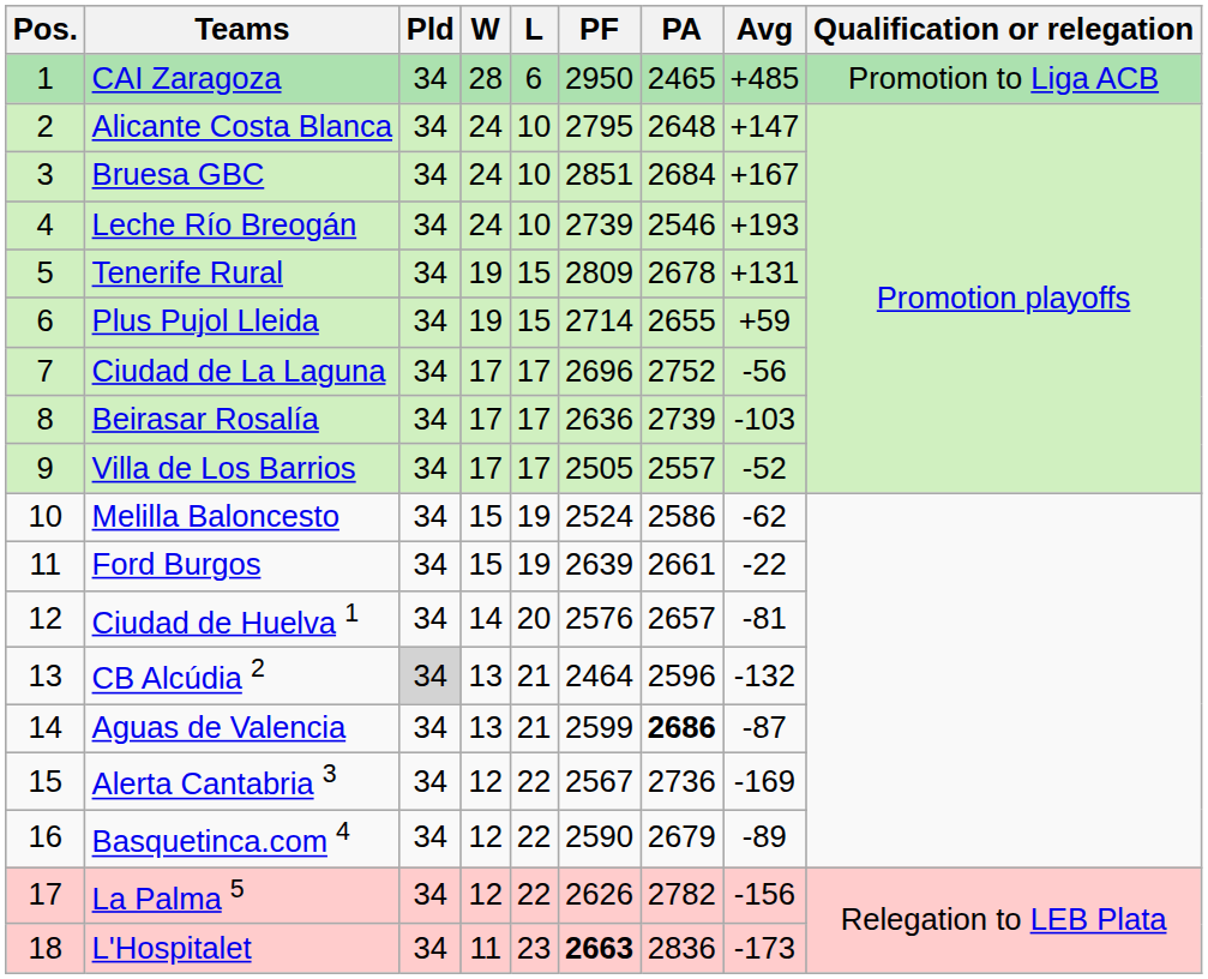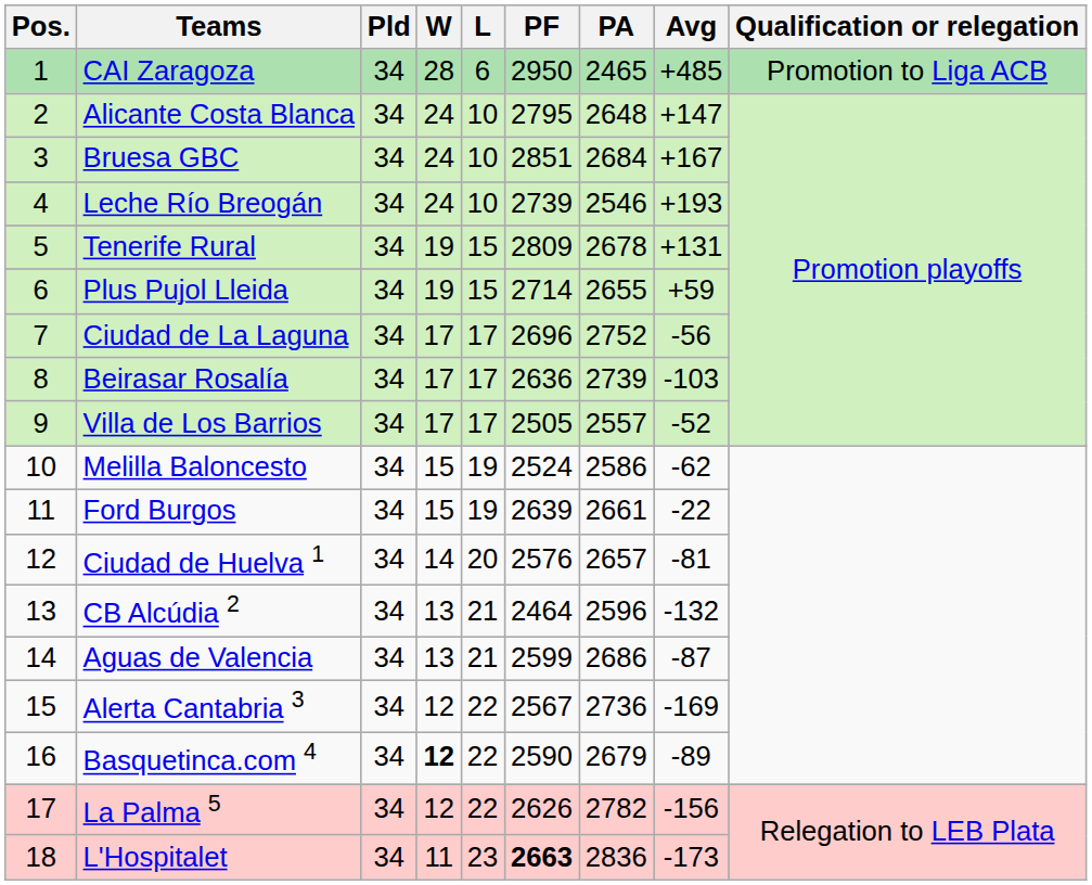 <table class="wikitable" style="text-align: center;">
 <tr>
 <th>Pos.</th>
 <th>Teams</th>
 <th>Pld</th>
 <th>W</th>
 <th>L</th>
 <th>PF</th>
 <th>PA</th>
 <th>Avg</th>
 <th>Qualification or relegation</th>
 </tr>
 <tr bgcolor=ACE1AF>
 <td>1</td>
 <td align="left"><a href='#'>CAI Zaragoza</a></td>
 <td>34</td>
 <td>28</td>
 <td>6</td>
 <td>2950</td>
 <td>2465</td>
 <td>+485</td>
 <td>Promotion to <a href='#'>Liga ACB</a></td>
 </tr>
 <tr bgcolor=D0F0C0>
 <td>2</td>
 <td align="left"><a href='#'>Alicante Costa Blanca</a></td>
 <td>34</td>
 <td>24</td>
 <td>10</td>
 <td>2795</td>
 <td>2648</td>
 <td>+147</td>
 <td rowspan=8 align="center"><a href='#'>Promotion playoffs</a></td>
 </tr>
 <tr bgcolor=D0F0C0>
 <td>3</td>
 <td align="left"><a href='#'>Bruesa GBC</a></td>
 <td>34</td>
 <td>24</td>
 <td>10</td>
 <td>2851</td>
 <td>2684</td>
 <td>+167</td>
 </tr>
 <tr bgcolor=D0F0C0>
 <td>4</td>
 <td align="left"><a href='#'>Leche Río Breogán</a></td>
 <td>34</td>
 <td>24</td>
 <td>10</td>
 <td>2739</td>
 <td>2546</td>
 <td>+193</td>
 </tr>
 <tr bgcolor=D0F0C0>
 <td>5</td>
 <td align="left"><a href='#'>Tenerife Rural</a></td>
 <td>34</td>
 <td>19</td>
 <td>15</td>
 <td>2809</td>
 <td>2678</td>
 <td>+131</td>
 </tr>
 <tr bgcolor=D0F0C0>
 <td>6</td>
 <td align="left"><a href='#'>Plus Pujol Lleida</a></td>
 <td>34</td>
 <td>19</td>
 <td>15</td>
 <td>2714</td>
 <td>2655</td>
 <td>+59</td>
 </tr>
 <tr bgcolor=D0F0C0>
 <td>7</td>
 <td align="left"><a href='#'>Ciudad de La Laguna</a></td>
 <td>34</td>
 <td>17</td>
 <td>17</td>
 <td>2696</td>
 <td>2752</td>
 <td>-56</td>
 </tr>
 <tr bgcolor=D0F0C0>
 <td>8</td>
 <td align="left"><a href='#'>Beirasar Rosalía</a></td>
 <td>34</td>
 <td>17</td>
 <td>17</td>
 <td>2636</td>
 <td>2739</td>
 <td>-103</td>
 </tr>
 <tr bgcolor=D0F0C0>
 <td>9</td>
 <td align="left"><a href='#'>Villa de Los Barrios</a></td>
 <td>34</td>
 <td>17</td>
 <td>17</td>
 <td>2505</td>
 <td>2557</td>
 <td>-52</td>
 </tr>
 <tr>
 <td>10</td>
 <td align="left"><a href='#'>Melilla Baloncesto</a></td>
 <td>34</td>
 <td>15</td>
 <td>19</td>
 <td>2524</td>
 <td>2586</td>
 <td>-62</td>
 </tr>
 <tr>
 <td>11</td>
 <td align="left"><a href='#'>Ford Burgos</a></td>
 <td>34</td>
 <td>15</td>
 <td>19</td>
 <td>2639</td>
 <td>2661</td>
 <td>-22</td>
 </tr>
 <tr>
 <td>12</td>
 <td align="left"><a href='#'>Ciudad de Huelva</a> <sup><span>1</span></sup></td>
 <td>34</td>
 <td>14</td>
 <td>20</td>
 <td>2576</td>
 <td>2657</td>
 <td>-81</td>
 </tr>
 <tr>
 <td>13</td>
 <td align="left"><a href='#'>CB Alcúdia</a> <sup><span>2</span></sup></td>
-<td style="background: lightgrey;">34</td>
+<td>34</td>
 <td>13</td>
 <td>21</td>
 <td>2464</td>
 <td>2596</td>
 <td>-132</td>
 </tr>
 <tr>
 <td>14</td>
 <td align="left"><a href='#'>Aguas de Valencia</a></td>
 <td>34</td>
 <td>13</td>
 <td>21</td>
 <td>2599</td>
-<td><strong>2686</strong></td>
+<td>2686</td>
 <td>-87</td>
 </tr>
 <tr>
 <td>15</td>
 <td align="left"><a href='#'>Alerta Cantabria</a> <sup><span>3</span></sup></td>
 <td>34</td>
 <td>12</td>
 <td>22</td>
 <td>2567</td>
 <td>2736</td>
 <td>-169</td>
 </tr>
 <tr>
 <td>16</td>
 <td align="left"><a href='#'>Basquetinca.com</a> <sup><span>4</span></sup></td>
 <td>34</td>
-<td>12</td>
+<td><strong>12</strong></td>
 <td>22</td>
 <td>2590</td>
 <td>2679</td>
 <td>-89</td>
 </tr>
 <tr bgcolor=ffcccc>
 <td>17</td>
 <td align="left"><a href='#'>La Palma</a> <sup><span>5</span></sup></td>
 <td>34</td>
 <td>12</td>
 <td>22</td>
 <td>2626</td>
 <td>2782</td>
 <td>-156</td>
 <td rowspan=2>Relegation to <a href='#'>LEB Plata</a></td>
 </tr>
 <tr bgcolor=ffcccc>
 <td>18</td>
 <td align="left"><a href='#'>L'Hospitalet</a></td>
 <td>34</td>
 <td>11</td>
 <td>23</td>
 <td><strong>2663</strong></td>
 <td>2836</td>
 <td>-173</td>
 </tr>
 </table>
